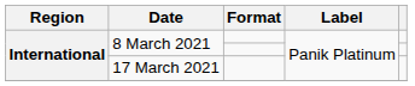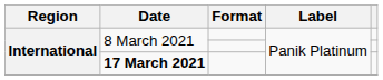 <table class="wikitable plainrowheaders">
 <tr>
 <th scope="col">Region</th>
 <th scope="col">Date</th>
 <th scope="col">Format</th>
 <th scope="col">Label</th>
 <th scope="col"></th>
 </tr>
 <tr>
 <th scope="row" rowspan="3">International</th>
 <td rowspan="2">8 March 2021</td>
 <td></td>
 <td rowspan="3">Panik Platinum</td>
 <td></td>
 </tr>
 <tr>
 <td></td>
 <td></td>
 </tr>
 <tr>
-<td>17 March 2021</td>
+<td><strong>17 March 2021</strong></td>
 <td></td>
 <td></td>
 </tr>
 <tr>
 </tr>
 </table>
